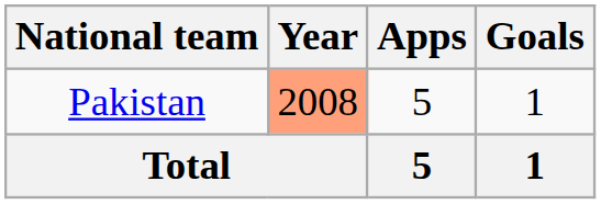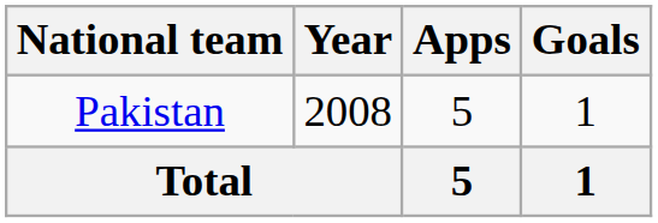 <table class="wikitable" style="text-align:center">
 <tr>
 <th>National team</th>
 <th>Year</th>
 <th>Apps</th>
 <th>Goals</th>
 </tr>
 <tr>
 <td><a href='#'>Pakistan</a></td>
-<td style="background: lightsalmon;">2008</td>
+<td>2008</td>
 <td>5</td>
 <td>1</td>
 </tr>
 <tr>
 <th colspan="2">Total</th>
 <th>5</th>
 <th>1</th>
 </tr>
 </table>
